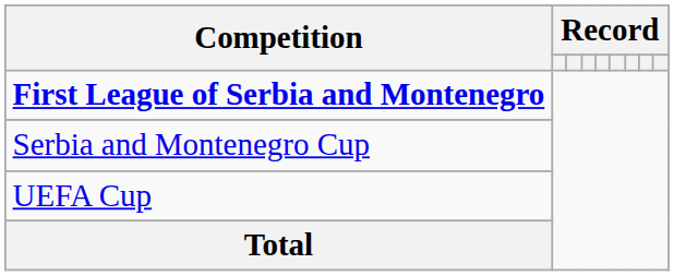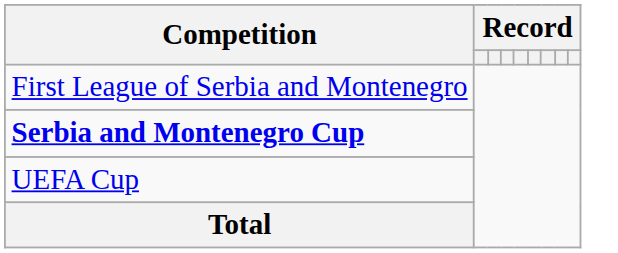 <table class="wikitable" style="text-align: left">
 <tr>
 <th rowspan=2>Competition</th>
 <th colspan=8>Record</th>
 </tr>
 <tr>
 <th></th>
 <th></th>
 <th></th>
 <th></th>
 <th></th>
 <th></th>
 <th></th>
 <th></th>
 </tr>
 <tr>
-<td><strong><a href='#'>First League of Serbia and Montenegro</a><br></strong></td>
+<td><a href='#'>First League of Serbia and Montenegro</a><br></td>
 </tr>
 <tr>
-<td><a href='#'>Serbia and Montenegro Cup</a><br></td>
+<td><strong><a href='#'>Serbia and Montenegro Cup</a><br></strong></td>
 </tr>
 <tr>
 <td><a href='#'>UEFA Cup</a><br></td>
 </tr>
 <tr>
 <th>Total<br></th>
 </tr>
 </table>
